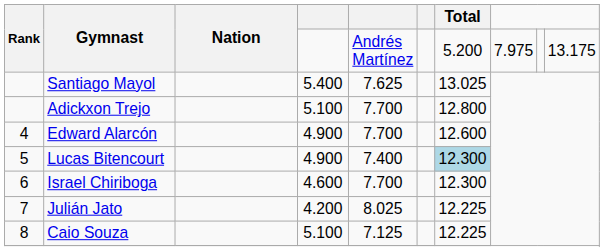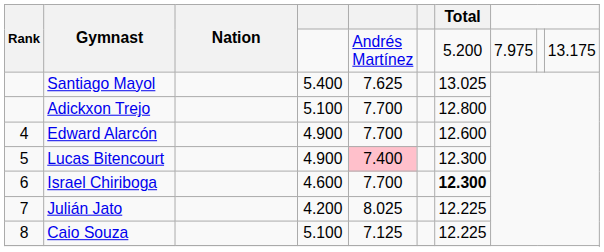 <table style="text-align:center;" class="wikitable sortable">
 <tr>
 <th rowspan="2" scope="col" style="width:15px;"><small>Rank</small></th>
 <th rowspan="2" scope="col" style="width:175px;">Gymnast</th>
 <th rowspan="2" scope="col" style="width:175px;">Nation</th>
 <th scope="col" style="width:50px;"><small></small></th>
 <th scope="col" style="width:50px;"><small></small></th>
 <th scope="col" style="width:20px;"><small></small></th>
 <th scope="col" style="width:50px;">Total</th>
 </tr>
 <tr>
 <td></td>
 <td align=left><a href='#'>Andrés Martínez</a></td>
 <td align=left></td>
 <td>5.200</td>
 <td>7.975</td>
 <td></td>
 <td>13.175</td>
 </tr>
 <tr>
 <td></td>
 <td align=left><a href='#'>Santiago Mayol</a></td>
 <td align=left></td>
 <td>5.400</td>
 <td>7.625</td>
 <td></td>
 <td>13.025</td>
 </tr>
 <tr>
 <td></td>
 <td align=left><a href='#'>Adickxon Trejo</a></td>
 <td align=left></td>
 <td>5.100</td>
 <td>7.700</td>
 <td></td>
 <td>12.800</td>
 </tr>
 <tr>
 <td>4</td>
 <td align=left><a href='#'>Edward Alarcón</a></td>
 <td align=left></td>
 <td>4.900</td>
 <td>7.700</td>
 <td></td>
 <td>12.600</td>
 </tr>
 <tr>
 <td>5</td>
 <td align=left><a href='#'>Lucas Bitencourt</a></td>
 <td align=left></td>
 <td>4.900</td>
-<td>7.400</td>
+<td style="background: pink;">7.400</td>
 <td></td>
-<td style="background: lightblue;">12.300</td>
+<td>12.300</td>
 </tr>
 <tr>
 <td>6</td>
 <td align=left><a href='#'>Israel Chiriboga</a></td>
 <td align=left></td>
 <td>4.600</td>
 <td>7.700</td>
 <td></td>
-<td>12.300</td>
+<td><strong>12.300</strong></td>
 </tr>
 <tr>
 <td>7</td>
 <td align=left><a href='#'>Julián Jato</a></td>
 <td align=left></td>
 <td>4.200</td>
 <td>8.025</td>
 <td></td>
 <td>12.225</td>
 </tr>
 <tr>
 <td>8</td>
 <td align=left><a href='#'>Caio Souza</a></td>
 <td align=left></td>
 <td>5.100</td>
 <td>7.125</td>
 <td></td>
 <td>12.225</td>
 </tr>
 <tr>
 </tr>
 </table>
